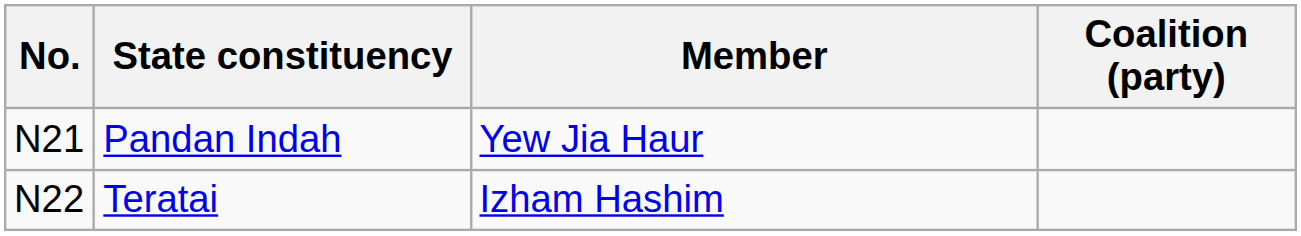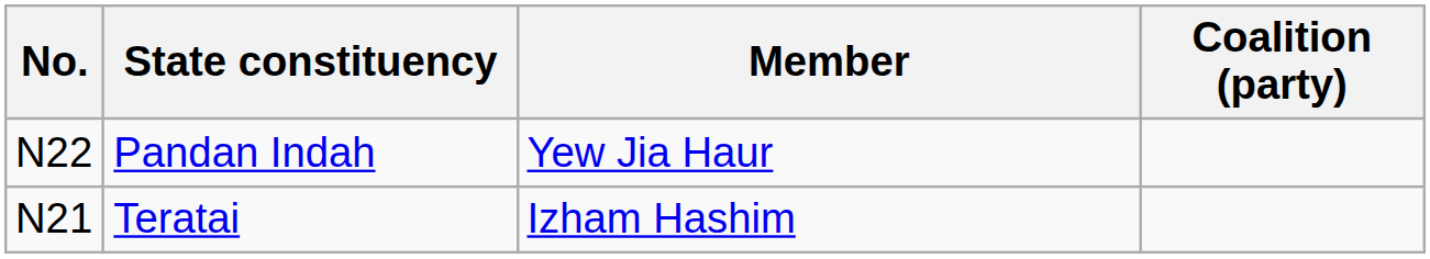 <table class="wikitable">
 <tr>
 <th width="30">No.</th>
 <th width="150">State constituency</th>
 <th width="230">Member</th>
 <th width="100">Coalition (party)</th>
 </tr>
 <tr>
-<td>N21</td>
+<td>N22</td>
 <td><a href='#'>Pandan Indah</a></td>
 <td><a href='#'>Yew Jia Haur</a></td>
 <td></td>
 </tr>
 <tr>
-<td>N22</td>
+<td>N21</td>
 <td><a href='#'>Teratai</a></td>
 <td><a href='#'>Izham Hashim</a></td>
 <td></td>
 </tr>
 </table>
